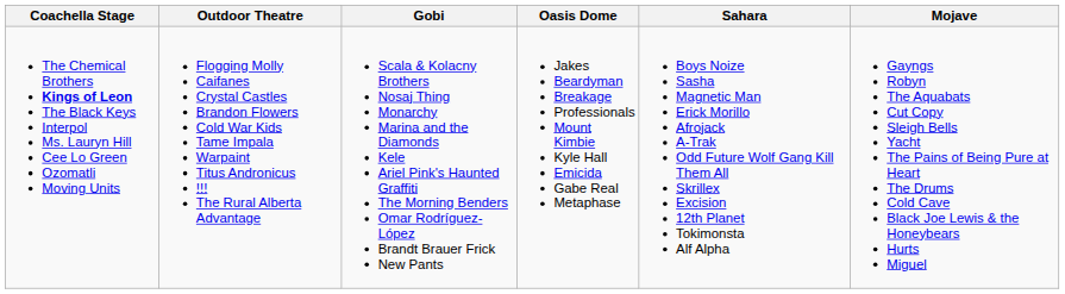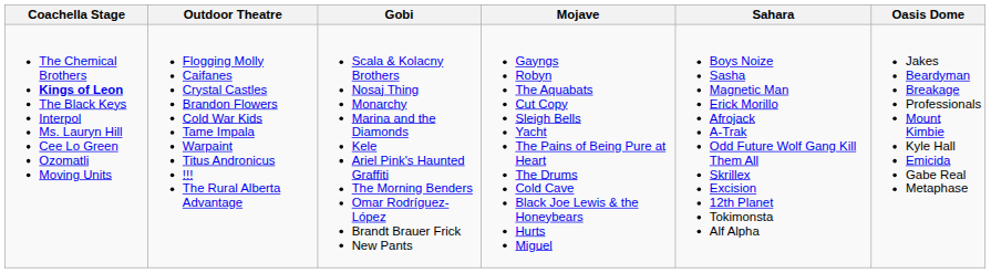 <table class="wikitable">
 <tr>
 <th>Coachella Stage</th>
 <th>Outdoor Theatre</th>
 <th>Gobi</th>
+<th>Mojave</th>
+<th>Sahara</th>
 <th>Oasis Dome</th>
-<th>Sahara</th>
-<th>Mojave</th>
 </tr>
 <tr valign="top">
 <td><br><ul><li><a href='#'>The Chemical Brothers</a></li><li><strong><a href='#'>Kings of Leon</a></strong></li><li><a href='#'>The Black Keys</a></li><li><a href='#'>Interpol</a></li><li><a href='#'>Ms. Lauryn Hill</a></li><li><a href='#'>Cee Lo Green</a></li><li><a href='#'>Ozomatli</a></li><li><a href='#'>Moving Units</a></li></ul></td>
 <td><br><ul><li><a href='#'>Flogging Molly</a></li><li><a href='#'>Caifanes</a></li><li><a href='#'>Crystal Castles</a></li><li><a href='#'>Brandon Flowers</a></li><li><a href='#'>Cold War Kids</a></li><li><a href='#'>Tame Impala</a></li><li><a href='#'>Warpaint</a></li><li><a href='#'>Titus Andronicus</a></li><li><a href='#'>!!!</a></li><li><a href='#'>The Rural Alberta Advantage</a></li></ul></td>
 <td><br><ul><li><a href='#'>Scala & Kolacny Brothers</a></li><li><a href='#'>Nosaj Thing</a></li><li><a href='#'>Monarchy</a></li><li><a href='#'>Marina and the Diamonds</a></li><li><a href='#'>Kele</a></li><li><a href='#'>Ariel Pink's Haunted Graffiti</a></li><li><a href='#'>The Morning Benders</a></li><li><a href='#'>Omar Rodríguez-López</a></li><li>Brandt Brauer Frick</li><li>New Pants</li></ul></td>
+<td><br><ul><li><a href='#'>Gayngs</a></li><li><a href='#'>Robyn</a></li><li><a href='#'>The Aquabats</a></li><li><a href='#'>Cut Copy</a></li><li><a href='#'>Sleigh Bells</a></li><li><a href='#'>Yacht</a></li><li><a href='#'>The Pains of Being Pure at Heart</a></li><li><a href='#'>The Drums</a></li><li><a href='#'>Cold Cave</a></li><li><a href='#'>Black Joe Lewis & the Honeybears</a></li><li><a href='#'>Hurts</a></li><li><a href='#'>Miguel</a></li></ul></td>
+<td><br><ul><li><a href='#'>Boys Noize</a></li><li><a href='#'>Sasha</a></li><li><a href='#'>Magnetic Man</a></li><li><a href='#'>Erick Morillo</a></li><li><a href='#'>Afrojack</a></li><li><a href='#'>A-Trak</a></li><li><a href='#'>Odd Future Wolf Gang Kill Them All</a></li><li><a href='#'>Skrillex</a></li><li><a href='#'>Excision</a></li><li><a href='#'>12th Planet</a></li><li>Tokimonsta</li><li>Alf Alpha</li></ul></td>
 <td><br><ul><li>Jakes</li><li><a href='#'>Beardyman</a></li><li><a href='#'>Breakage</a></li><li>Professionals</li><li><a href='#'>Mount Kimbie</a></li><li>Kyle Hall</li><li><a href='#'>Emicida</a></li><li>Gabe Real</li><li>Metaphase</li></ul></td>
-<td><br><ul><li><a href='#'>Boys Noize</a></li><li><a href='#'>Sasha</a></li><li><a href='#'>Magnetic Man</a></li><li><a href='#'>Erick Morillo</a></li><li><a href='#'>Afrojack</a></li><li><a href='#'>A-Trak</a></li><li><a href='#'>Odd Future Wolf Gang Kill Them All</a></li><li><a href='#'>Skrillex</a></li><li><a href='#'>Excision</a></li><li><a href='#'>12th Planet</a></li><li>Tokimonsta</li><li>Alf Alpha</li></ul></td>
-<td><br><ul><li><a href='#'>Gayngs</a></li><li><a href='#'>Robyn</a></li><li><a href='#'>The Aquabats</a></li><li><a href='#'>Cut Copy</a></li><li><a href='#'>Sleigh Bells</a></li><li><a href='#'>Yacht</a></li><li><a href='#'>The Pains of Being Pure at Heart</a></li><li><a href='#'>The Drums</a></li><li><a href='#'>Cold Cave</a></li><li><a href='#'>Black Joe Lewis & the Honeybears</a></li><li><a href='#'>Hurts</a></li><li><a href='#'>Miguel</a></li></ul></td>
 </tr>
 </table>
